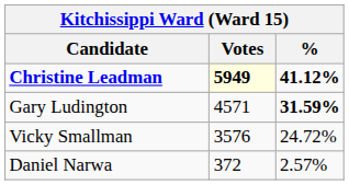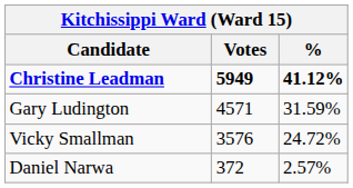 <table class="wikitable">
 <tr>
 <th colspan="3"><a href='#'>Kitchissippi Ward</a> (Ward 15)</th>
 </tr>
 <tr>
 <th style="width: 170px">Candidate</th>
 <th style="width: 50px">Votes</th>
 <th style="width: 40px">%</th>
 </tr>
 <tr>
 <td><strong><a href='#'>Christine Leadman</a></strong></td>
-<td style="background: lightyellow;"><strong>5949</strong></td>
+<td><strong>5949</strong></td>
 <td><strong>41.12%</strong></td>
 </tr>
 <tr>
 <td>Gary Ludington</td>
 <td>4571</td>
-<td><strong>31.59%</strong></td>
+<td>31.59%</td>
 </tr>
 <tr>
 <td>Vicky Smallman</td>
 <td>3576</td>
 <td>24.72%</td>
 </tr>
 <tr>
 <td>Daniel Narwa</td>
 <td>372</td>
 <td>2.57%</td>
 </tr>
 </table>
